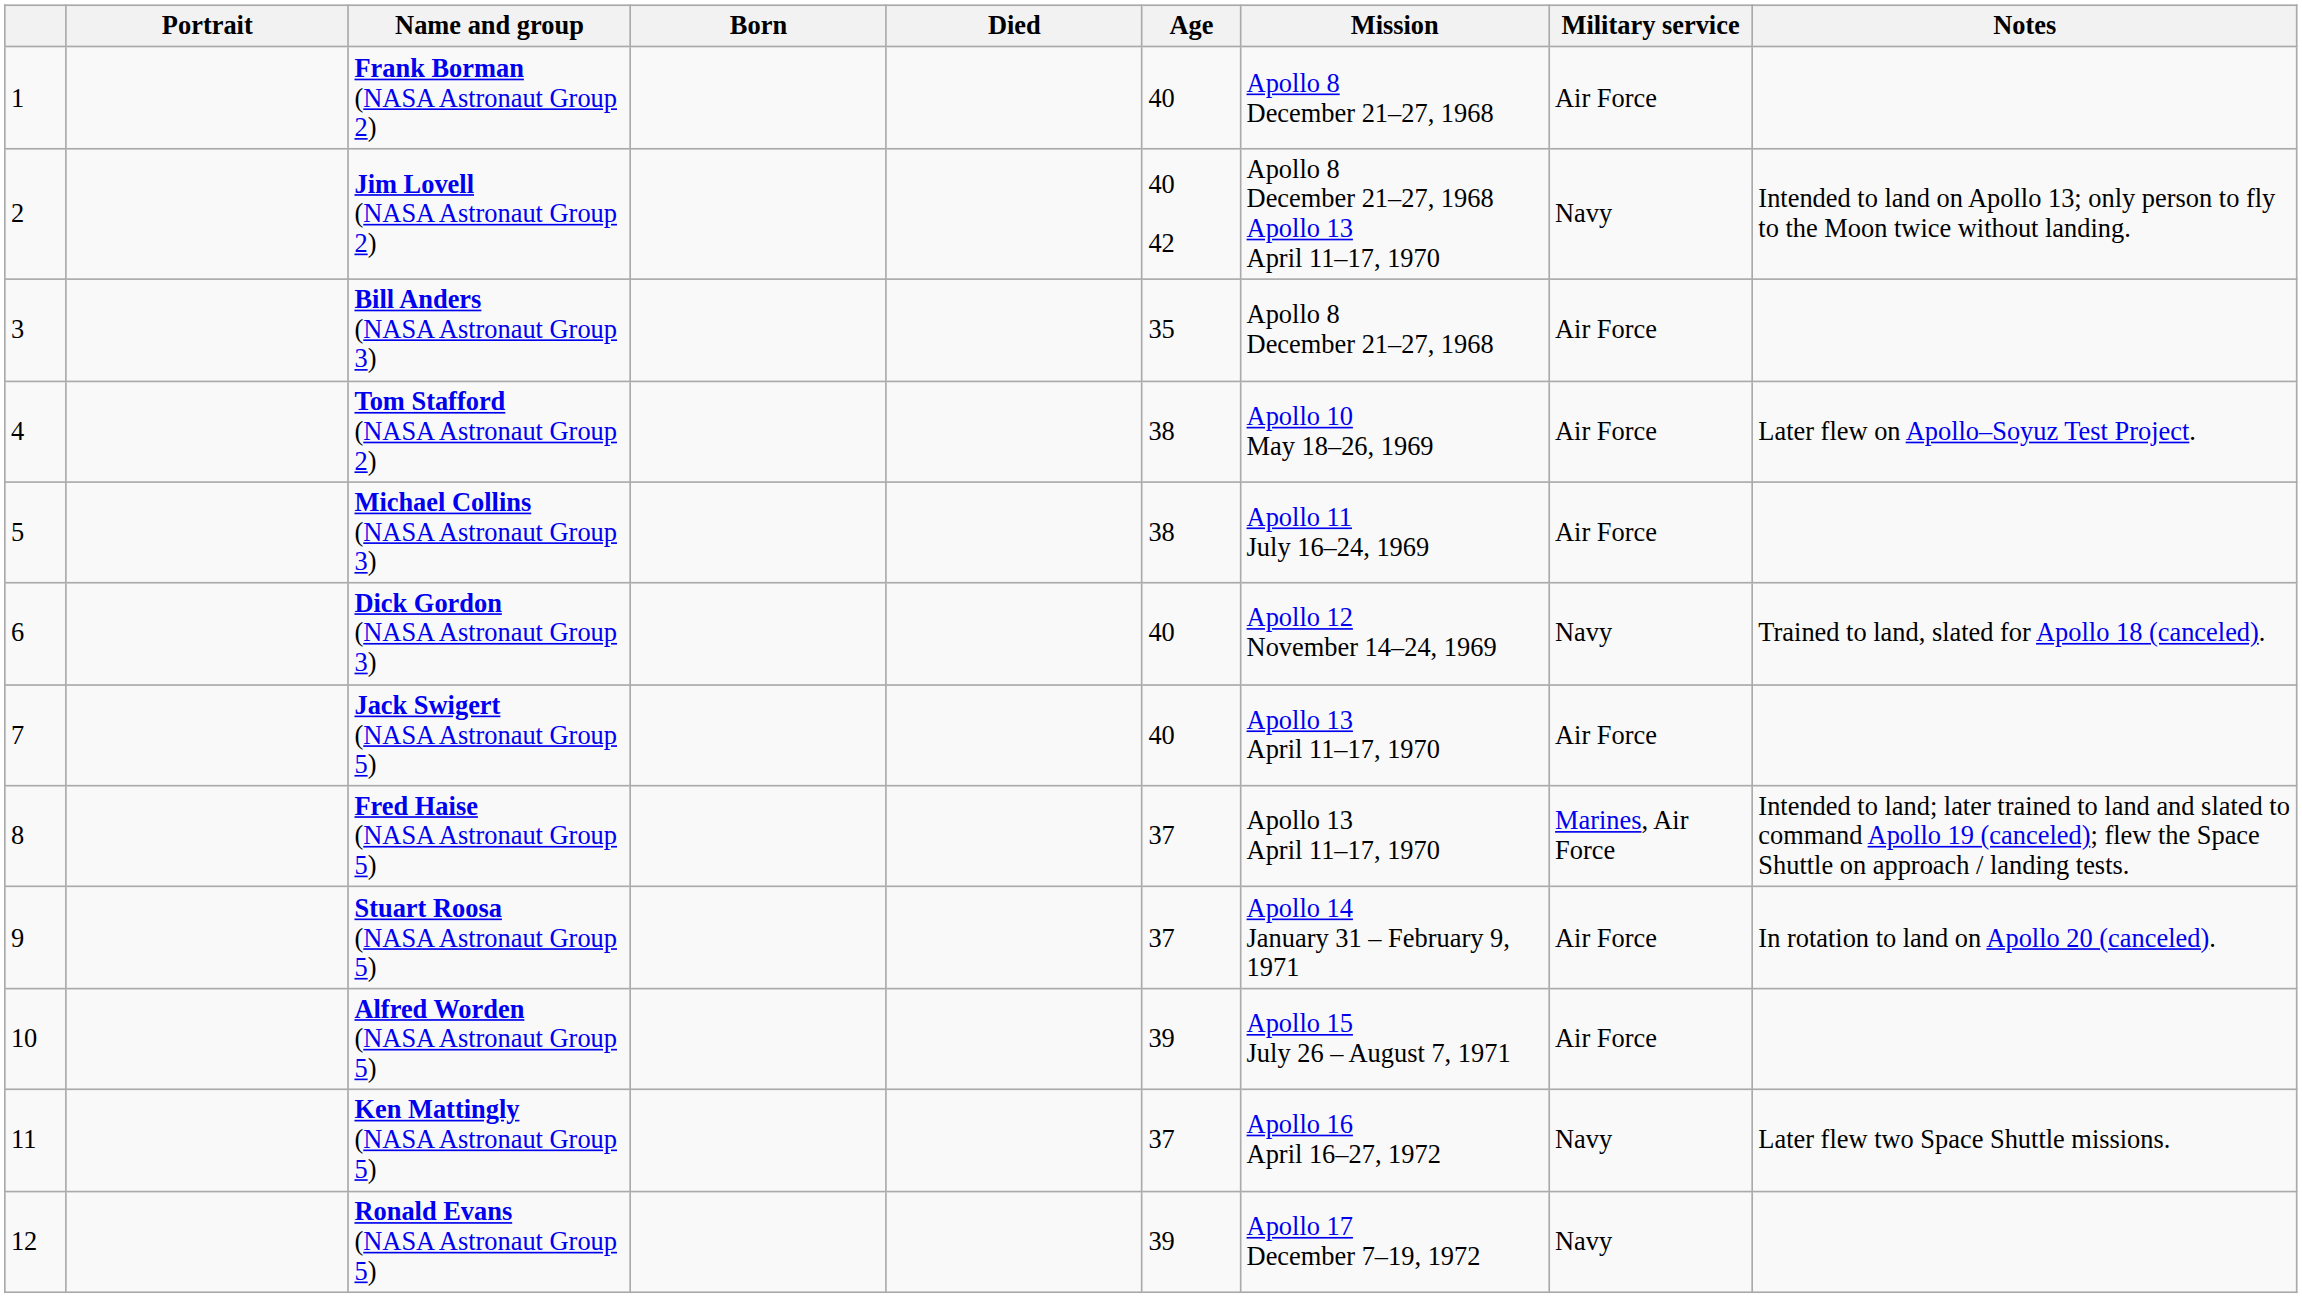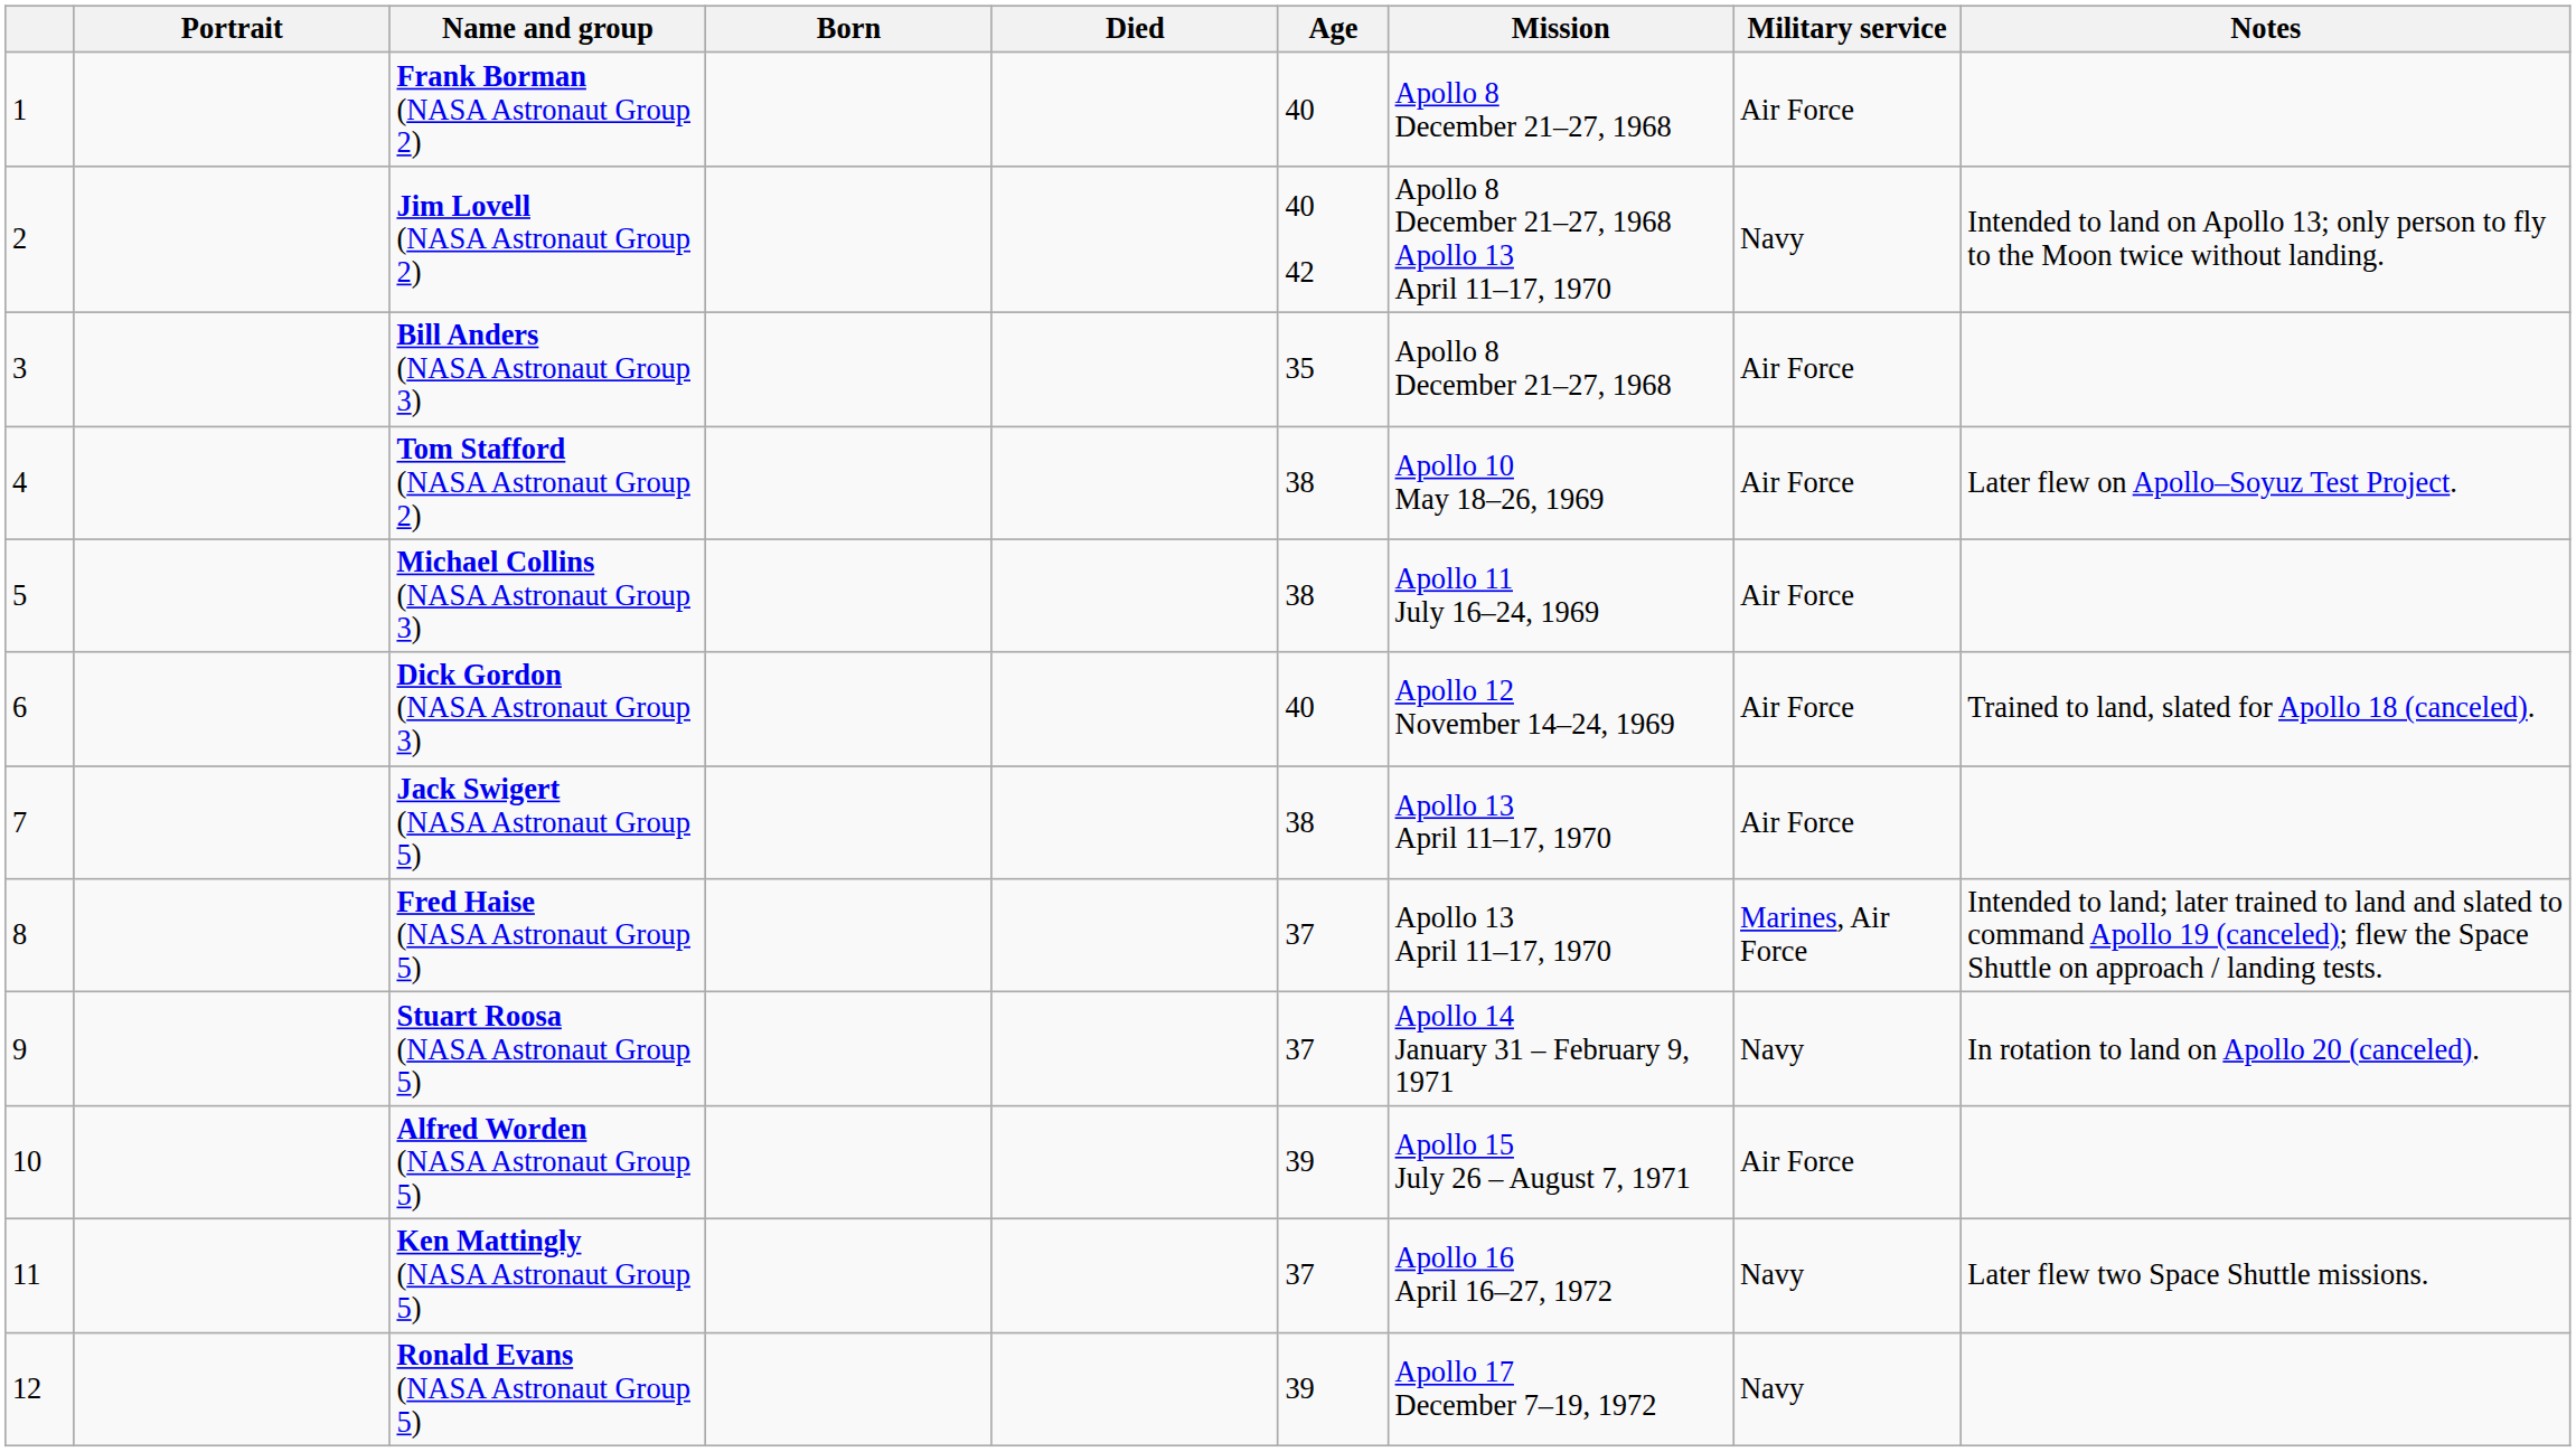 <table class="wikitable sortable" style="display: inline-table;width: 110%;">
 <tr>
 <th scope=col style="width:10px;"></th>
 <th class=unsortable style="width:100px;">Portrait</th>
 <th scope=col style="width:100px;">Name and group</th>
 <th scope=col style="width:90px;">Born</th>
 <th scope=col style="width:90px;">Died</th>
 <th scope=col style="width:30px;">Age</th>
 <th scope=col style="width:110px;">Mission</th>
 <th scope=col style="width:70px;">Military service</th>
 <th scope=col style="width:200px;">Notes</th>
 </tr>
 <tr>
 <td>1</td>
 <td></td>
 <td><strong><a href='#'>Frank Borman</a></strong><br>(<a href='#'>NASA Astronaut Group 2</a>)</td>
 <td></td>
 <td data-sort-value="2023-11-07"></td>
 <td>40</td>
 <td><a href='#'>Apollo 8</a> <br> December 21–27, 1968</td>
 <td>Air Force</td>
 <td></td>
 </tr>
 <tr>
 <td>2</td>
 <td></td>
 <td><strong><a href='#'>Jim Lovell</a></strong><br>(<a href='#'>NASA Astronaut Group 2</a>)</td>
 <td></td>
 <td data-sort-value="9999-99-99b"></td>
 <td>40<br><br>42</td>
 <td>Apollo 8 <br> December 21–27, 1968 <br><a href='#'>Apollo 13</a> <br> April 11–17, 1970</td>
 <td>Navy</td>
 <td>Intended to land on Apollo 13; only person to fly to the Moon twice without landing.</td>
 </tr>
 <tr>
 <td>3</td>
 <td></td>
 <td><strong><a href='#'>Bill Anders</a></strong><br>(<a href='#'>NASA Astronaut Group 3</a>)</td>
 <td></td>
 <td data-sort-value="2024-06-07"></td>
 <td>35</td>
 <td>Apollo 8 <br> December 21–27, 1968<br></td>
 <td>Air Force</td>
 <td></td>
 </tr>
 <tr>
 <td>4</td>
 <td></td>
 <td><strong><a href='#'>Tom Stafford</a></strong><br>(<a href='#'>NASA Astronaut Group 2</a>)</td>
 <td></td>
 <td data-sort-value="2024-03-18"></td>
 <td>38</td>
 <td><a href='#'>Apollo 10</a> <br> May 18–26, 1969</td>
 <td>Air Force</td>
 <td>Later flew on <a href='#'>Apollo–Soyuz Test Project</a>.</td>
 </tr>
 <tr>
 <td>5</td>
 <td></td>
 <td><strong><a href='#'>Michael Collins</a></strong><br>(<a href='#'>NASA Astronaut Group 3</a>)</td>
 <td></td>
 <td data-sort-value="2021-04-28"></td>
 <td>38</td>
 <td><a href='#'>Apollo 11</a> <br> July 16–24, 1969</td>
 <td>Air Force</td>
 <td></td>
 </tr>
 <tr>
 <td>6</td>
 <td></td>
 <td><strong><a href='#'>Dick Gordon</a></strong><br>(<a href='#'>NASA Astronaut Group 3</a>)</td>
 <td></td>
 <td data-sort-value="2017-11-06"></td>
 <td>40</td>
 <td><a href='#'>Apollo 12</a> <br> November 14–24, 1969</td>
-<td>Navy</td>
+<td>Air Force</td>
 <td>Trained to land, slated for <a href='#'>Apollo 18 (canceled)</a>.</td>
 </tr>
 <tr>
 <td>7</td>
 <td></td>
 <td><strong><a href='#'>Jack Swigert</a></strong><br>(<a href='#'>NASA Astronaut Group 5</a>)</td>
 <td></td>
 <td data-sort-value="1982-12-27"></td>
-<td>40</td>
+<td>38</td>
 <td><a href='#'>Apollo 13</a> <br> April 11–17, 1970</td>
 <td>Air Force</td>
 <td></td>
 </tr>
 <tr>
 <td>8</td>
 <td></td>
 <td><strong><a href='#'>Fred Haise</a></strong><br>(<a href='#'>NASA Astronaut Group 5</a>)</td>
 <td></td>
 <td data-sort-value="9999-99-99g"></td>
 <td>37</td>
 <td>Apollo 13 <br> April 11–17, 1970</td>
 <td><a href='#'>Marines</a>, Air Force</td>
 <td>Intended to land; later trained to land and slated to command <a href='#'>Apollo 19 (canceled)</a>; flew the Space Shuttle on approach / landing tests.</td>
 </tr>
 <tr>
 <td>9</td>
 <td></td>
 <td><strong><a href='#'>Stuart Roosa</a></strong><br>(<a href='#'>NASA Astronaut Group 5</a>)</td>
 <td></td>
 <td data-sort-value="1994-12-12"></td>
 <td>37</td>
 <td><a href='#'>Apollo 14</a> <br> January 31 – February 9, 1971</td>
-<td>Air Force</td>
+<td>Navy</td>
 <td>In rotation to land on <a href='#'>Apollo 20 (canceled)</a>.</td>
 </tr>
 <tr>
 <td>10</td>
 <td></td>
 <td><strong><a href='#'>Alfred Worden</a></strong><br>(<a href='#'>NASA Astronaut Group 5</a>)</td>
 <td></td>
 <td data-sort-value="2020-03-18"></td>
 <td>39</td>
 <td><a href='#'>Apollo 15</a> <br> July 26 – August 7, 1971</td>
 <td>Air Force</td>
 <td></td>
 </tr>
 <tr>
 <td>11</td>
 <td></td>
 <td><strong><a href='#'>Ken Mattingly</a></strong><br>(<a href='#'>NASA Astronaut Group 5</a>)</td>
 <td></td>
 <td data-sort-value="2023-10-31"></td>
 <td>37</td>
 <td><a href='#'>Apollo 16</a> <br> April 16–27, 1972</td>
 <td>Navy</td>
 <td>Later flew two Space Shuttle missions.</td>
 </tr>
 <tr>
 <td>12</td>
 <td></td>
 <td><strong><a href='#'>Ronald Evans</a></strong><br>(<a href='#'>NASA Astronaut Group 5</a>)</td>
 <td></td>
 <td data-sort-value="1990-04-07"></td>
 <td>39</td>
 <td><a href='#'>Apollo 17</a> <br> December 7–19, 1972</td>
 <td>Navy</td>
 <td></td>
 </tr>
 </table>
